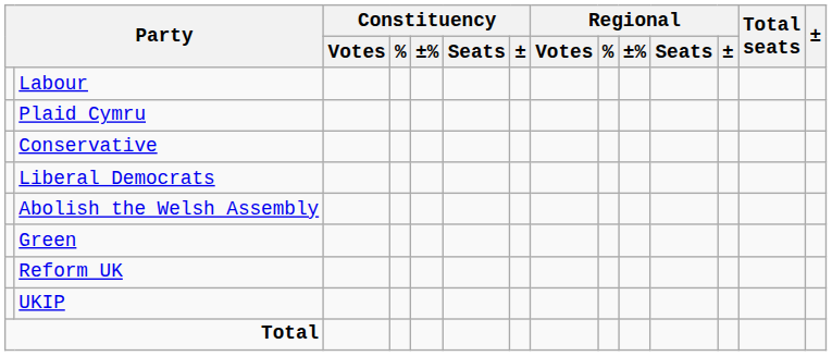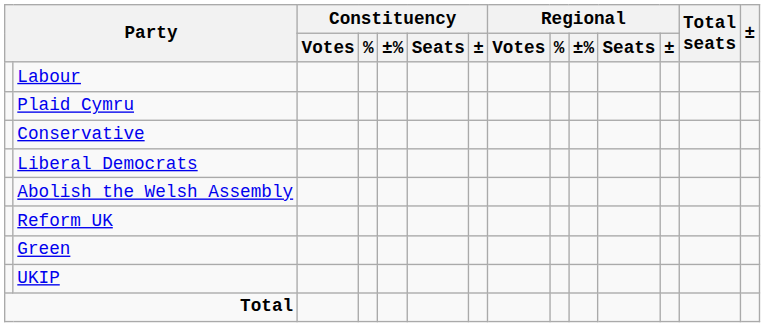 <table class="wikitable">
 <tr>
 <th colspan="2" rowspan="2">Party</th>
 <th colspan="5">Constituency</th>
 <th colspan="5">Regional</th>
 <th rowspan="2">Total<br>seats</th>
 <th rowspan="2">±</th>
 </tr>
 <tr>
 <th>Votes</th>
 <th>%</th>
 <th>±%</th>
 <th>Seats</th>
 <th>±</th>
 <th>Votes</th>
 <th>%</th>
 <th>±%</th>
 <th>Seats</th>
 <th>±</th>
 </tr>
 <tr>
 <td style="color:inherit;background:"></td>
 <td><a href='#'>Labour</a></td>
 <td></td>
 <td></td>
 <td></td>
 <td></td>
 <td></td>
 <td></td>
 <td></td>
 <td></td>
 <td></td>
 <td></td>
 <td></td>
 <td></td>
 </tr>
 <tr>
 <td style="color:inherit;background:"></td>
 <td><a href='#'>Plaid Cymru</a></td>
 <td></td>
 <td></td>
 <td></td>
 <td></td>
 <td></td>
 <td></td>
 <td></td>
 <td></td>
 <td></td>
 <td></td>
 <td></td>
 <td></td>
 </tr>
 <tr>
 <td style="color:inherit;background:"></td>
 <td><a href='#'>Conservative</a></td>
 <td></td>
 <td></td>
 <td></td>
 <td></td>
 <td></td>
 <td></td>
 <td></td>
 <td></td>
 <td></td>
 <td></td>
 <td></td>
 <td></td>
 </tr>
 <tr>
 <td style="color:inherit;background:"></td>
 <td><a href='#'>Liberal Democrats</a></td>
 <td></td>
 <td></td>
 <td></td>
 <td></td>
 <td></td>
 <td></td>
 <td></td>
 <td></td>
 <td></td>
 <td></td>
 <td></td>
 <td></td>
 </tr>
 <tr>
 <td style="color:inherit;background:"></td>
 <td><a href='#'>Abolish the Welsh Assembly</a></td>
 <td></td>
 <td></td>
 <td></td>
 <td></td>
 <td></td>
 <td></td>
 <td></td>
 <td></td>
 <td></td>
 <td></td>
 <td></td>
 <td></td>
 </tr>
 <tr>
 <td style="color:inherit;background:"></td>
-<td><a href='#'>Green</a></td>
+<td><a href='#'>Reform UK</a></td>
 <td></td>
 <td></td>
 <td></td>
 <td></td>
 <td></td>
 <td></td>
 <td></td>
 <td></td>
 <td></td>
 <td></td>
 <td></td>
 <td></td>
 </tr>
 <tr>
 <td style="color:inherit;background:"></td>
-<td><a href='#'>Reform UK</a></td>
+<td><a href='#'>Green</a></td>
 <td></td>
 <td></td>
 <td></td>
 <td></td>
 <td></td>
 <td></td>
 <td></td>
 <td></td>
 <td></td>
 <td></td>
 <td></td>
 <td></td>
 </tr>
 <tr>
 <td style="color:inherit;background:"></td>
 <td><a href='#'>UKIP</a></td>
 <td></td>
 <td></td>
 <td></td>
 <td></td>
 <td></td>
 <td></td>
 <td></td>
 <td></td>
 <td></td>
 <td></td>
 <td></td>
 <td></td>
 </tr>
 <tr>
 <td colspan=2 align="right"><strong>Total</strong></td>
 <td></td>
 <td></td>
 <td></td>
 <td></td>
 <td></td>
 <td></td>
 <td></td>
 <td></td>
 <td></td>
 <td></td>
 <td></td>
 <td></td>
 </tr>
 </table>
